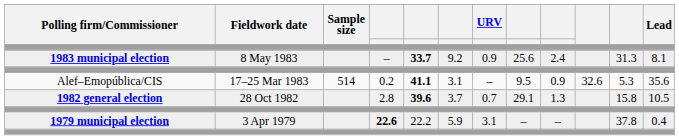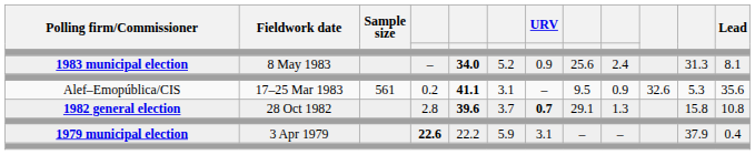 <table class="wikitable collapsible collapsed" style="text-align:center; font-size:90%; line-height:14px;">
 <tr style="height:42px;">
 <th style="width:250px;" rowspan="2">Polling firm/Commissioner</th>
 <th style="width:125px;" rowspan="2">Fieldwork date</th>
 <th style="width:50px;" rowspan="2">Sample size</th>
 <th style="width:35px;"></th>
 <th style="width:35px;"></th>
 <th style="width:35px;"></th>
 <th style="width:35px;"><a href='#'>URV</a></th>
 <th style="width:35px;"></th>
 <th style="width:35px;"></th>
 <th style="width:35px;" rowspan="2"></th>
 <th style="width:35px;" rowspan="2"></th>
 <th style="width:30px;" rowspan="2">Lead</th>
 </tr>
 <tr>
 <th style="color:inherit;background:"></th>
 <th style="color:inherit;background:"></th>
 <th style="color:inherit;background:"></th>
 <th style="color:inherit;background:"></th>
 <th style="color:inherit;background:"></th>
 <th style="color:inherit;background:"></th>
 </tr>
 <tr>
 <td colspan="12" style="background:#A0A0A0"></td>
 </tr>
 <tr style="background:#EFEFEF;">
 <td><strong><a href='#'>1983 municipal election</a></strong></td>
 <td>8 May 1983</td>
 <td></td>
 <td>–</td>
-<td><strong>33.7</strong></td>
-<td>9.2</td>
+<td><strong>34.0</strong></td>
+<td>5.2</td>
 <td>0.9</td>
 <td>25.6</td>
 <td>2.4</td>
 <td></td>
 <td>31.3</td>
 <td style="background:">8.1</td>
 </tr>
 <tr>
 <td colspan="12" style="background:#A0A0A0"></td>
 </tr>
 <tr>
 <td>Alef–Emopública/CIS</td>
 <td>17–25 Mar 1983</td>
-<td>514</td>
+<td>561</td>
 <td>0.2</td>
 <td><strong>41.1</strong></td>
 <td>3.1</td>
 <td>–</td>
 <td>9.5</td>
 <td>0.9</td>
 <td>32.6</td>
 <td>5.3</td>
 <td style="background:">35.6</td>
 </tr>
 <tr style="background:#EFEFEF;">
 <td><strong><a href='#'>1982 general election</a></strong></td>
 <td>28 Oct 1982</td>
 <td></td>
 <td>2.8</td>
 <td><strong>39.6</strong></td>
 <td>3.7</td>
-<td>0.7</td>
+<td><strong>0.7</strong></td>
 <td>29.1</td>
 <td>1.3</td>
 <td></td>
 <td>15.8</td>
-<td style="background:">10.5</td>
+<td style="background:">10.8</td>
 </tr>
 <tr>
 <td colspan="12" style="background:#A0A0A0"></td>
 </tr>
 <tr style="background:#EFEFEF;">
 <td><strong><a href='#'>1979 municipal election</a></strong></td>
 <td>3 Apr 1979</td>
 <td></td>
 <td><strong>22.6</strong></td>
 <td>22.2</td>
 <td>5.9</td>
 <td>3.1</td>
 <td>–</td>
 <td>–</td>
 <td></td>
-<td>37.8</td>
+<td>37.9</td>
 <td style="background:">0.4</td>
 </tr>
 <tr>
 <td colspan="12" style="background:#A0A0A0"></td>
 </tr>
 </table>
